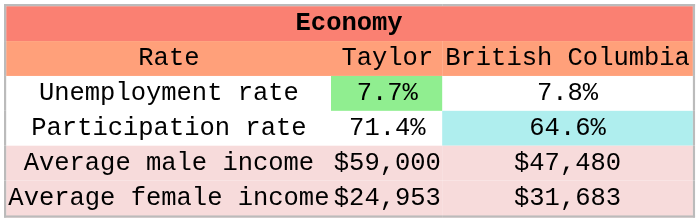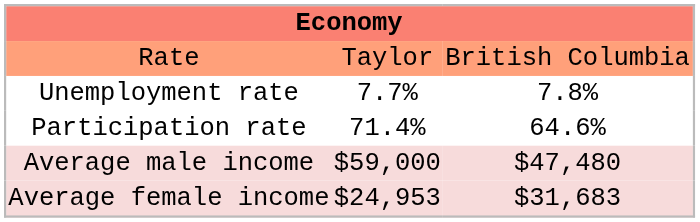 <table cellpadding="1" style="float: left; margin: 0em 1em 1em 0em; border:1px #bbbbbb solid; border-collapse: collapse; font-size: 90%;">
 <tr style="text-align:center;background-color:salmon">
 <th colspan=3>Economy</th>
 </tr>
 <tr style="text-align:center;background-color:lightsalmon">
 <td>Rate</td>
 <td>Taylor</td>
 <td>British Columbia</td>
 </tr>
 <tr style="text-align:center;">
 <td>Unemployment rate</td>
-<td style="background: lightgreen;">7.7%</td>
+<td>7.7%</td>
 <td>7.8%</td>
 </tr>
 <tr style="text-align:center;">
 <td>Participation rate</td>
 <td>71.4%</td>
-<td style="background: paleturquoise;">64.6%</td>
+<td>64.6%</td>
 </tr>
 <tr style="text-align:center;background-color:#F7DBDB">
 <td>Average male income</td>
 <td>$59,000</td>
 <td>$47,480</td>
 </tr>
 <tr style="text-align:center;background-color:#F7DBDB">
 <td>Average female income</td>
 <td>$24,953</td>
 <td>$31,683</td>
 </tr>
 </table>
